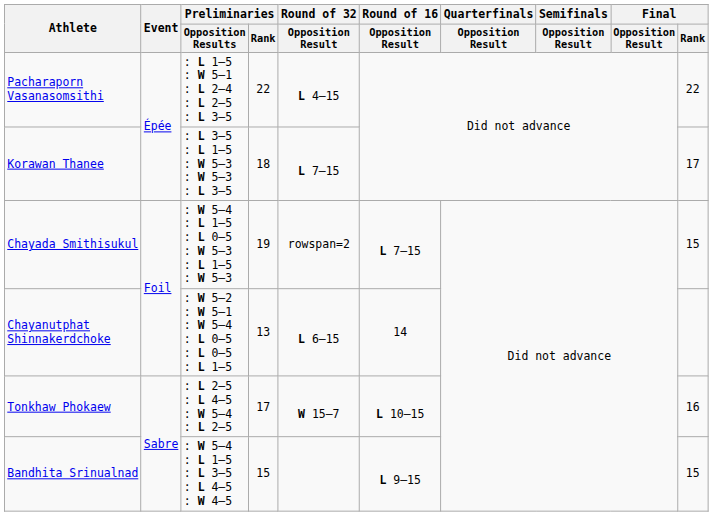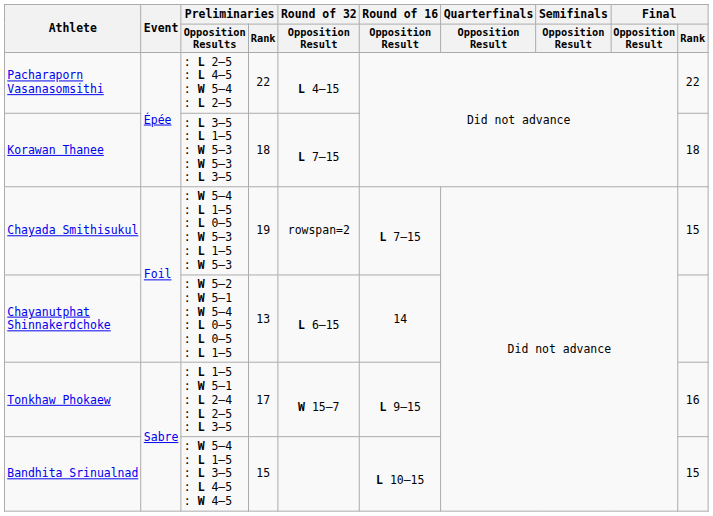 <table class="wikitable" style="font-size:90%">
 <tr>
 <th rowspan=2>Athlete</th>
 <th rowspan=2>Event</th>
 <th colspan=2>Preliminaries</th>
 <th>Round of 32</th>
 <th>Round of 16</th>
 <th>Quarterfinals</th>
 <th>Semifinals</th>
 <th colspan=2>Final</th>
 </tr>
 <tr style="font-size:90%">
 <th>Opposition<br>Results</th>
 <th>Rank</th>
 <th>Opposition<br>Result</th>
 <th>Opposition<br>Result</th>
 <th>Opposition<br>Result</th>
 <th>Opposition<br>Result</th>
 <th>Opposition<br>Result</th>
 <th>Rank</th>
 </tr>
 <tr align=center>
 <td align=left><a href='#'>Pacharaporn<br>Vasanasomsithi</a></td>
 <td rowspan=2 align=left><a href='#'>Épée</a></td>
-<td align=left>: <strong>L</strong> 1–5<br>: <strong>W</strong> 5–1<br>: <strong>L</strong> 2–4<br>: <strong>L</strong> 2–5<br>: <strong>L</strong> 3–5</td>
+<td align=left>: <strong>L</strong> 2–5<br>: <strong>L</strong> 4–5<br>: <strong>W</strong> 5–4<br>: <strong>L</strong> 2–5</td>
 <td>22 <strong></strong></td>
 <td><br><strong>L</strong> 4–15</td>
 <td rowspan=2 colspan=4>Did not advance</td>
 <td>22</td>
 </tr>
 <tr align=center>
 <td align=left><a href='#'>Korawan Thanee</a></td>
 <td align=left>: <strong>L</strong> 3–5<br>: <strong>L</strong> 1–5<br>: <strong>W</strong> 5–3<br>: <strong>W</strong> 5–3<br>: <strong>L</strong> 3–5</td>
 <td>18 <strong></strong></td>
 <td><br><strong>L</strong> 7–15</td>
-<td>17</td>
+<td>18</td>
 </tr>
 <tr align=center>
 <td align=left><a href='#'>Chayada Smithisukul</a></td>
 <td rowspan=2 align=left><a href='#'>Foil</a></td>
 <td align=left>: <strong>W</strong> 5–4<br>: <strong>L</strong> 1–5<br>: <strong>L</strong> 0–5<br>: <strong>W</strong> 5–3<br>: <strong>L</strong> 1–5<br>: <strong>W</strong> 5–3</td>
 <td>19 <strong></strong></td>
 <td>rowspan=2 </td>
 <td><br><strong>L</strong> 7–15</td>
 <td rowspan=4 colspan=3>Did not advance</td>
 <td>15</td>
 </tr>
 <tr align=center>
 <td align=left><a href='#'>Chayanutphat<br>Shinnakerdchoke</a></td>
 <td align=left>: <strong>W</strong> 5–2<br>: <strong>W</strong> 5–1<br>: <strong>W</strong> 5–4<br>: <strong>L</strong> 0–5<br>: <strong>L</strong> 0–5<br>: <strong>L</strong> 1–5</td>
 <td>13 <strong></strong></td>
 <td><br><strong>L</strong> 6–15</td>
 <td>14</td>
 </tr>
 <tr align=center>
 <td align=left><a href='#'>Tonkhaw Phokaew</a></td>
 <td rowspan=2 align=left><a href='#'>Sabre</a></td>
-<td align=left>: <strong>L</strong> 2–5<br>: <strong>L</strong> 4–5<br>: <strong>W</strong> 5–4<br>: <strong>L</strong> 2–5</td>
+<td align=left>: <strong>L</strong> 1–5<br>: <strong>W</strong> 5–1<br>: <strong>L</strong> 2–4<br>: <strong>L</strong> 2–5<br>: <strong>L</strong> 3–5</td>
 <td>17 <strong></strong></td>
 <td><br><strong>W</strong> 15–7</td>
-<td><br><strong>L</strong> 10–15</td>
+<td><br><strong>L</strong> 9–15</td>
 <td>16</td>
 </tr>
 <tr align=center>
 <td align=left><a href='#'>Bandhita Srinualnad</a></td>
 <td align=left>: <strong>W</strong> 5–4<br>: <strong>L</strong> 1–5<br>: <strong>L</strong> 3–5<br>: <strong>L</strong> 4–5<br>: <strong>W</strong> 4–5</td>
 <td>15 <strong></strong></td>
 <td></td>
-<td><br><strong>L</strong> 9–15</td>
+<td><br><strong>L</strong> 10–15</td>
 <td>15</td>
 </tr>
 </table>
